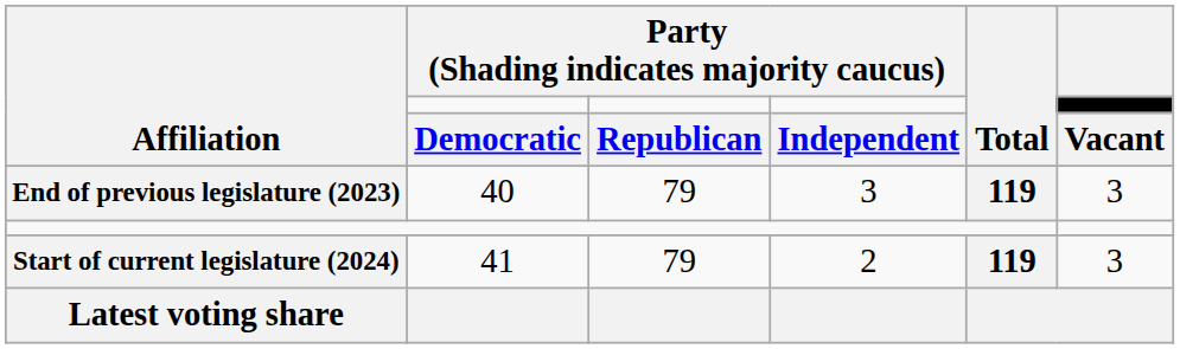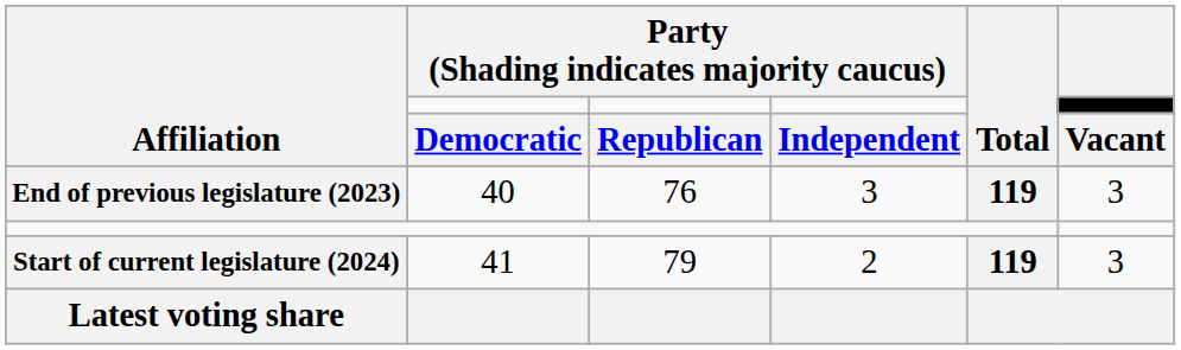 <table class=wikitable style="text-align:center">
 <tr style="vertical-align:bottom;">
 <th rowspan=3>Affiliation</th>
 <th colspan=3>Party <div>(Shading indicates majority caucus)</div></th>
 <th rowspan=3>Total</th>
 <th></th>
 </tr>
 <tr style="height:5px">
 <td style="background-color:"></td>
 <td style="background-color:"></td>
 <td style="background-color:"></td>
 <td style="background: black"></td>
 </tr>
 <tr>
 <th><a href='#'>Democratic</a></th>
 <th><a href='#'>Republican</a></th>
 <th><a href='#'>Independent</a></th>
 <th>Vacant</th>
 </tr>
 <tr>
 <th nowrap style="font-size:80%">End of previous legislature (2023)</th>
 <td>40</td>
-<td>79</td>
+<td>76</td>
 <td>3</td>
 <th>119</th>
 <td>3</td>
 </tr>
 <tr>
 <td colspan=5></td>
 </tr>
 <tr>
 <th nowrap style="font-size:80%">Start of current legislature (2024)</th>
 <td>41</td>
 <td>79</td>
 <td>2</td>
 <th>119</th>
 <td>3</td>
 </tr>
 <tr>
 <th>Latest voting share</th>
 <th></th>
 <th></th>
 <th></th>
 <th colspan=2></th>
 </tr>
 </table>
